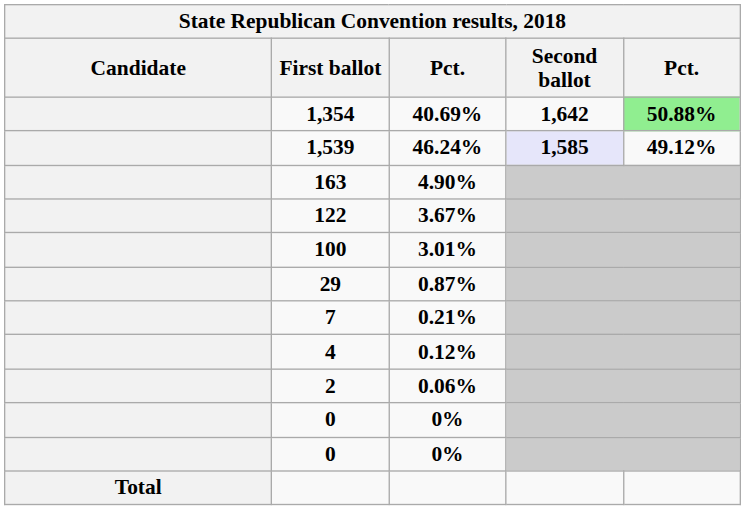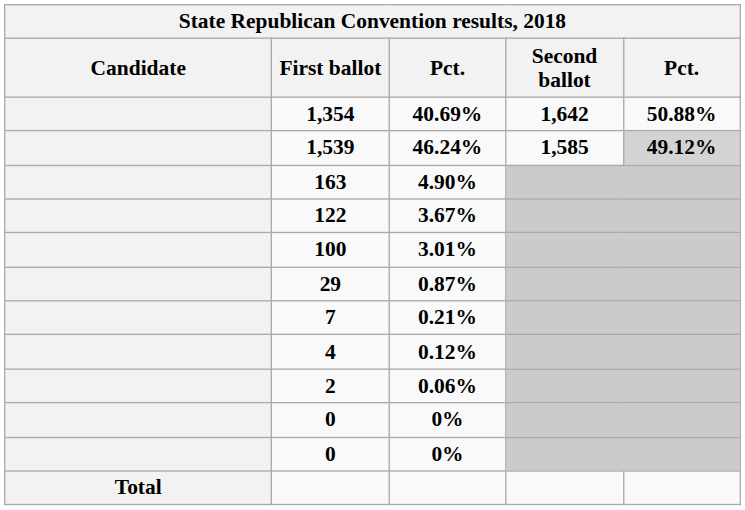 <table class="wikitable sortable plainrowheaders">
 <tr>
 <th colspan="5" >State Republican Convention results, 2018</th>
 </tr>
 <tr style="background:#eee; text-align:center;">
 <th scope="col" style="width: 12em">Candidate</th>
 <th scope="col"  style="width: 5em">First ballot</th>
 <th scope="col"  style="width: 5em">Pct.</th>
 <th scope="col"  style="width: 5em">Second ballot</th>
 <th scope="col"  style="width: 5em">Pct.</th>
 </tr>
 <tr>
 <th scope="row"></th>
 <td style="text-align:center;"><strong>1,354</strong></td>
 <td style="text-align:center;"><strong>40.69%</strong></td>
 <td style="text-align:center;"><strong>1,642</strong></td>
-<td style="background: lightgreen; text-align:center;"><strong>50.88%</strong></td>
+<td style="text-align:center;"><strong>50.88%</strong></td>
 </tr>
 <tr>
 <th scope="row"></th>
 <td style="text-align:center;"><strong>1,539</strong></td>
 <td style="text-align:center;"><strong>46.24%</strong></td>
-<td style="background: lavender; text-align:center;"><strong>1,585</strong></td>
-<td style="text-align:center;"><strong>49.12%</strong></td>
+<td style="text-align:center;"><strong>1,585</strong></td>
+<td style="background: lightgrey; text-align:center;"><strong>49.12%</strong></td>
 </tr>
 <tr>
 <th scope="row"></th>
 <td style="text-align:center;"><strong>163</strong></td>
 <td style="text-align:center;"><strong>4.90%</strong></td>
 <td colspan=2 style="text-align:center; background:#cbcbcb"><em></em></td>
 </tr>
 <tr>
 <th scope="row"></th>
 <td style="text-align:center;"><strong>122</strong></td>
 <td style="text-align:center;"><strong>3.67%</strong></td>
 <td colspan=2 style="text-align:center; background:#cbcbcb"><em></em></td>
 </tr>
 <tr>
 <th scope="row"></th>
 <td style="text-align:center;"><strong>100</strong></td>
 <td style="text-align:center;"><strong>3.01%</strong></td>
 <td colspan=2 style="text-align:center; background:#cbcbcb"><em></em></td>
 </tr>
 <tr>
 <th scope="row"></th>
 <td style="text-align:center;"><strong>29</strong></td>
 <td style="text-align:center;"><strong>0.87%</strong></td>
 <td colspan=2 style="text-align:center; background:#cbcbcb"><em></em></td>
 </tr>
 <tr>
 <th scope="row"></th>
 <td style="text-align:center;"><strong>7</strong></td>
 <td style="text-align:center;"><strong>0.21%</strong></td>
 <td colspan=2 style="text-align:center; background:#cbcbcb"><em></em></td>
 </tr>
 <tr>
 <th scope="row"></th>
 <td style="text-align:center;"><strong>4</strong></td>
 <td style="text-align:center;"><strong>0.12%</strong></td>
 <td colspan=2 style="text-align:center; background:#cbcbcb"><em></em></td>
 </tr>
 <tr>
 <th scope="row"></th>
 <td style="text-align:center;"><strong>2</strong></td>
 <td style="text-align:center;"><strong>0.06%</strong></td>
 <td colspan=2 style="text-align:center; background:#cbcbcb"><em></em></td>
 </tr>
 <tr>
 <th scope="row"></th>
 <td style="text-align:center;"><strong>0</strong></td>
 <td style="text-align:center;"><strong>0%</strong></td>
 <td colspan=2 style="text-align:center; background:#cbcbcb"><em></em></td>
 </tr>
 <tr>
 <th scope="row"></th>
 <td style="text-align:center;"><strong>0</strong></td>
 <td style="text-align:center;"><strong>0%</strong></td>
 <td colspan=2 style="text-align:center; background:#cbcbcb"><em></em></td>
 </tr>
 <tr>
 <th scope="row">Total</th>
 <td style="text-align:center;"></td>
 <td style="text-align:center;"></td>
 <td style="text-align:center;"></td>
 <td style="text-align:center;"></td>
 </tr>
 </table>
